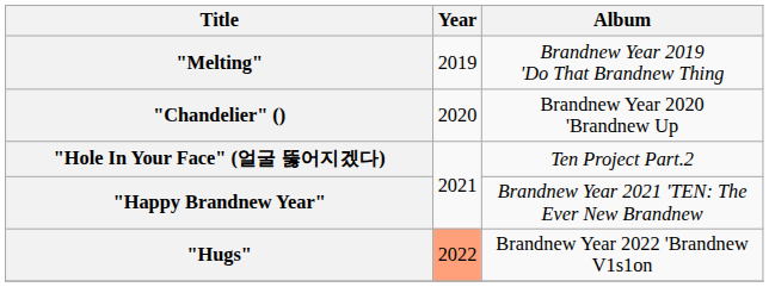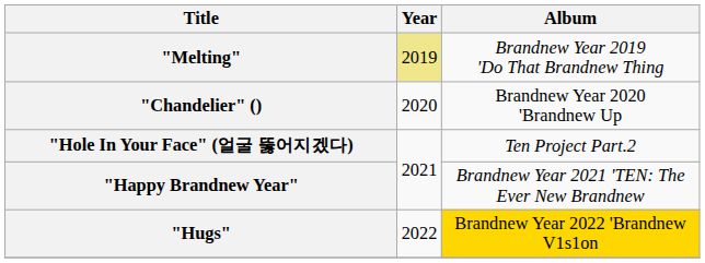 <table class="wikitable plainrowheaders" style="text-align:center;">
 <tr>
 <th scope="col" style="width:21.5em;">Title</th>
 <th scope="col" style="width:2em;">Year</th>
 <th scope="col" style="width:14em;">Album</th>
 </tr>
 <tr>
 <th scope="row">"Melting" <br></th>
-<td>2019</td>
+<td style="background: khaki;">2019</td>
 <td><em>Brandnew Year 2019 <br>'Do That Brandnew Thing<strong></td>
 </tr>
 <tr>
 <th scope="row">"Chandelier" () <br></th>
 <td>2020</td>
 <td></em>Brandnew Year 2020 <br>'Brandnew Up</strong></td>
 </tr>
 <tr>
 <th scope="row">"Hole In Your Face" (얼굴 뚫어지겠다) <br></th>
 <td rowspan="2">2021</td>
 <td><em>Ten Project Part.2</em></td>
 </tr>
 <tr>
 <th scope="row">"Happy Brandnew Year" <br></th>
 <td><em>Brandnew Year 2021 'TEN: The Ever New Brandnew<strong></td>
 </tr>
 <tr>
 <th scope="row">"Hugs" <br></th>
-<td style="background: lightsalmon;">2022</td>
-<td></em>Brandnew Year 2022 'Brandnew V1s1on</strong></td>
+<td>2022</td>
+<td style="background: gold;"></em>Brandnew Year 2022 'Brandnew V1s1on</strong></td>
 </tr>
 <tr>
 </tr>
 </table>
